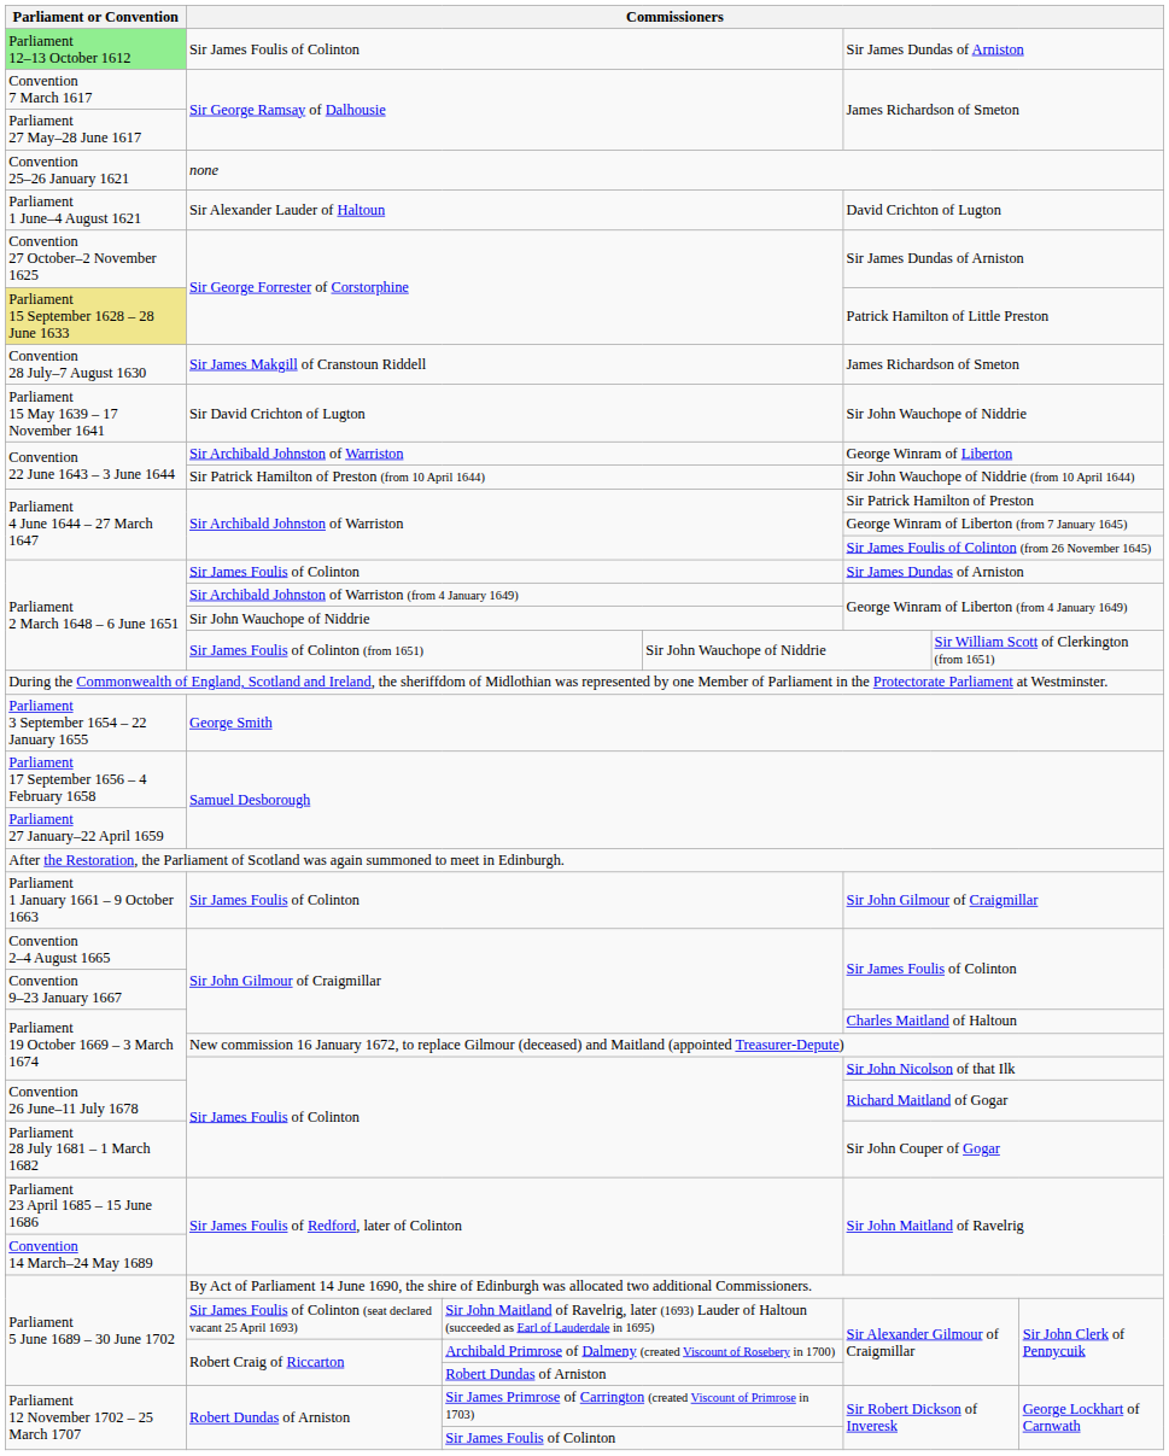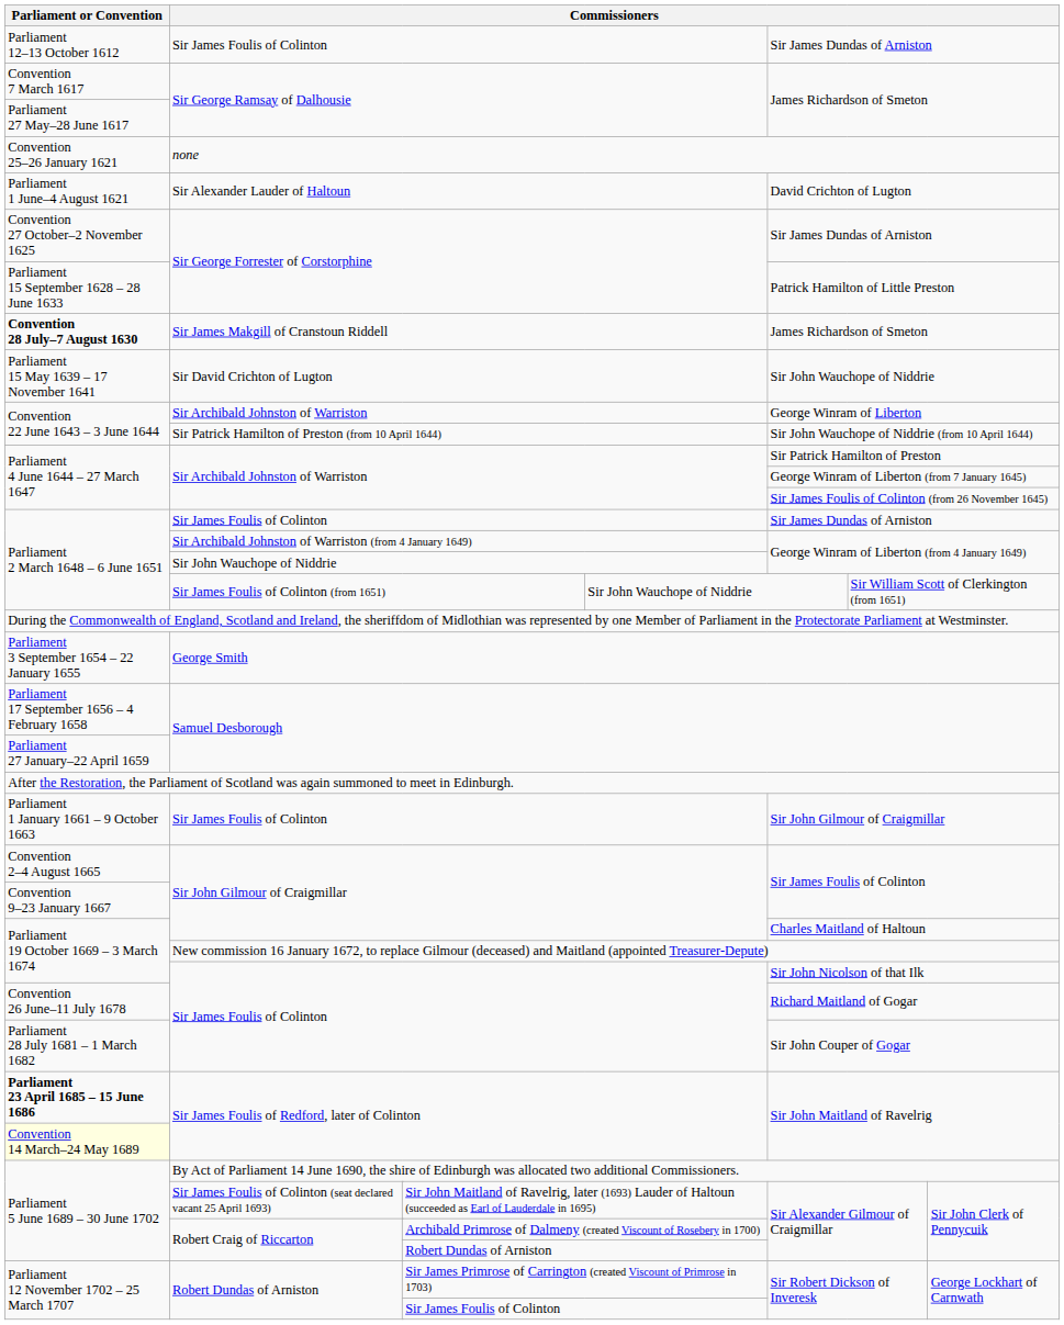 <table class="wikitable">
 <tr>
 <th>Parliament or Convention</th>
 <th colspan=12>Commissioners</th>
 </tr>
 <tr>
-<td style="background: lightgreen;">Parliament<br>12–13 October 1612</td>
+<td>Parliament<br>12–13 October 1612</td>
 <td colspan=6>Sir James Foulis of Colinton</td>
 <td colspan=6>Sir James Dundas of <a href='#'>Arniston</a></td>
 </tr>
 <tr>
 <td>Convention<br>7 March 1617</td>
 <td colspan=6 rowspan=2><a href='#'>Sir George Ramsay</a> of <a href='#'>Dalhousie</a></td>
 <td colspan=6 rowspan=2>James Richardson of Smeton</td>
 </tr>
 <tr>
 <td>Parliament<br>27 May–28 June 1617</td>
 </tr>
 <tr>
 <td>Convention<br>25–26 January 1621</td>
 <td colspan=12><em>none</em></td>
 </tr>
 <tr>
 <td>Parliament<br>1 June–4 August 1621</td>
 <td colspan=6>Sir Alexander Lauder of <a href='#'>Haltoun</a></td>
 <td colspan=6>David Crichton of Lugton</td>
 </tr>
 <tr>
 <td>Convention<br>27 October–2 November 1625</td>
 <td colspan=6 rowspan=2><a href='#'>Sir George Forrester</a> of <a href='#'>Corstorphine</a></td>
 <td colspan=6>Sir James Dundas of Arniston</td>
 </tr>
 <tr>
-<td style="background: khaki;">Parliament<br>15 September 1628 – 28 June 1633</td>
+<td>Parliament<br>15 September 1628 – 28 June 1633</td>
 <td colspan=6>Patrick Hamilton of Little Preston</td>
 </tr>
 <tr>
-<td>Convention<br>28 July–7 August 1630</td>
+<td><strong>Convention<br>28 July–7 August 1630</strong></td>
 <td colspan=6><a href='#'>Sir James Makgill</a> of Cranstoun Riddell</td>
 <td colspan=6>James Richardson of Smeton</td>
 </tr>
 <tr>
 <td>Parliament<br>15 May 1639 – 17 November 1641</td>
 <td colspan=6>Sir David Crichton of Lugton</td>
 <td colspan=6>Sir John Wauchope of Niddrie</td>
 </tr>
 <tr>
 <td rowspan=2>Convention<br>22 June 1643 – 3 June 1644</td>
 <td colspan=6><a href='#'>Sir Archibald Johnston</a> of <a href='#'>Warriston</a></td>
 <td colspan=6>George Winram of <a href='#'>Liberton</a></td>
 </tr>
 <tr>
 <td colspan=6>Sir Patrick Hamilton of Preston <small>(from 10 April 1644)</small></td>
 <td colspan=6>Sir John Wauchope of Niddrie <small>(from 10 April 1644)</small></td>
 </tr>
 <tr>
 <td rowspan=3>Parliament<br>4 June 1644 – 27 March 1647</td>
 <td colspan=6 rowspan=3><a href='#'>Sir Archibald Johnston</a> of Warriston</td>
 <td colspan=6>Sir Patrick Hamilton of Preston</td>
 </tr>
 <tr>
 <td colspan=6>George Winram of Liberton <small>(from 7 January 1645)</small></td>
 </tr>
 <tr>
 <td colspan=6><a href='#'>Sir James Foulis of Colinton</a> <small>(from 26 November 1645)</small></td>
 </tr>
 <tr>
 <td rowspan=4>Parliament<br>2 March 1648 – 6 June 1651</td>
 <td colspan=6><a href='#'>Sir James Foulis</a> of Colinton</td>
 <td colspan=6><a href='#'>Sir James Dundas</a> of Arniston</td>
 </tr>
 <tr>
 <td colspan=6><a href='#'>Sir Archibald Johnston</a> of Warriston <small>(from 4 January 1649)</small></td>
 <td colspan=6 rowspan=2>George Winram of Liberton <small>(from 4 January 1649)</small></td>
 </tr>
 <tr>
 <td colspan=6>Sir John Wauchope of Niddrie</td>
 </tr>
 <tr>
 <td colspan=4><a href='#'>Sir James Foulis</a> of Colinton <small>(from 1651)</small></td>
 <td colspan=4>Sir John Wauchope of Niddrie</td>
 <td colspan=4><a href='#'>Sir William Scott</a> of Clerkington <small>(from 1651)</small></td>
 </tr>
 <tr>
 <td colspan=13>During the <a href='#'>Commonwealth of England, Scotland and Ireland</a>, the sheriffdom of Midlothian was represented by one Member of Parliament in the <a href='#'>Protectorate Parliament</a> at Westminster.</td>
 </tr>
 <tr>
 <td><a href='#'>Parliament</a><br>3 September 1654 – 22 January 1655</td>
 <td colspan=12><a href='#'>George Smith</a></td>
 </tr>
 <tr>
 <td><a href='#'>Parliament</a><br>17 September 1656 – 4 February 1658</td>
 <td colspan=12 rowspan=2><a href='#'>Samuel Desborough</a></td>
 </tr>
 <tr>
 <td><a href='#'>Parliament</a><br>27 January–22 April 1659</td>
 </tr>
 <tr>
 <td colspan=13>After <a href='#'>the Restoration</a>, the Parliament of Scotland was again summoned to meet in Edinburgh.</td>
 </tr>
 <tr>
 <td>Parliament<br>1 January 1661 – 9 October 1663</td>
 <td colspan=6><a href='#'>Sir James Foulis</a> of Colinton</td>
 <td colspan=6><a href='#'>Sir John Gilmour</a> of <a href='#'>Craigmillar</a></td>
 </tr>
 <tr>
 <td>Convention<br>2–4 August 1665</td>
 <td colspan=6 rowspan=3><a href='#'>Sir John Gilmour</a> of Craigmillar</td>
 <td colspan=6 rowspan=2><a href='#'>Sir James Foulis</a> of Colinton</td>
 </tr>
 <tr>
 <td>Convention<br>9–23 January 1667</td>
 </tr>
 <tr>
 <td rowspan=3>Parliament<br>19 October 1669 – 3 March 1674</td>
 <td colspan=6><a href='#'>Charles Maitland</a> of Haltoun</td>
 </tr>
 <tr>
 <td colspan=12>New commission 16 January 1672, to replace Gilmour (deceased) and Maitland (appointed <a href='#'>Treasurer-Depute</a>)</td>
 </tr>
 <tr>
 <td colspan=6 rowspan=3><a href='#'>Sir James Foulis</a> of Colinton</td>
 <td colspan=6><a href='#'>Sir John Nicolson</a> of that Ilk</td>
 </tr>
 <tr>
 <td>Convention<br>26 June–11 July 1678</td>
 <td colspan=6><a href='#'>Richard Maitland</a> of Gogar</td>
 </tr>
 <tr>
 <td>Parliament<br>28 July 1681 – 1 March 1682</td>
 <td colspan=6>Sir John Couper of <a href='#'>Gogar</a></td>
 </tr>
 <tr>
-<td>Parliament<br>23 April 1685 – 15 June 1686</td>
+<td><strong>Parliament<br>23 April 1685 – 15 June 1686</strong></td>
 <td colspan=6 rowspan=3><a href='#'>Sir James Foulis</a> of <a href='#'>Redford</a>, later of Colinton</td>
 <td colspan=6 rowspan=3><a href='#'>Sir John Maitland</a> of Ravelrig</td>
 </tr>
 <tr>
-<td><a href='#'>Convention</a><br>14 March–24 May 1689</td>
+<td style="background: lightyellow;"><a href='#'>Convention</a><br>14 March–24 May 1689</td>
 </tr>
 <tr>
 <td rowspan=6>Parliament<br>5 June 1689 – 30 June 1702</td>
 </tr>
 <tr>
 <td colspan=12>By Act of Parliament 14 June 1690, the shire of Edinburgh was allocated two additional Commissioners.</td>
 </tr>
 <tr>
 <td colspan=3><a href='#'>Sir James Foulis</a> of Colinton <small>(seat declared vacant 25 April 1693)</small></td>
 <td colspan=3 rowspan=2><a href='#'>Sir John Maitland</a> of Ravelrig, later <small>(1693)</small> Lauder of Haltoun <small>(succeeded as <a href='#'>Earl of Lauderdale</a> in 1695)</small></td>
 <td rowspan=4 colspan=3><a href='#'>Sir Alexander Gilmour</a> of Craigmillar</td>
 <td rowspan=4 colspan=3><a href='#'>Sir John Clerk</a> of <a href='#'>Pennycuik</a></td>
 </tr>
 <tr>
 <td rowspan=3 colspan=3>Robert Craig of <a href='#'>Riccarton</a></td>
 </tr>
 <tr>
 <td colspan=3><a href='#'>Archibald Primrose</a> of <a href='#'>Dalmeny</a> <small>(created <a href='#'>Viscount of Rosebery</a> in 1700)</small></td>
 </tr>
 <tr>
 <td colspan=3><a href='#'>Robert Dundas</a> of Arniston</td>
 </tr>
 <tr>
 <td rowspan=2>Parliament<br>12 November 1702 – 25 March 1707</td>
 <td rowspan=2 colspan=3><a href='#'>Robert Dundas</a> of Arniston</td>
 <td colspan=3><a href='#'>Sir James Primrose</a> of <a href='#'>Carrington</a> <small>(created <a href='#'>Viscount of Primrose</a> in 1703)</small></td>
 <td rowspan=2 colspan=3><a href='#'>Sir Robert Dickson</a> of <a href='#'>Inveresk</a></td>
 <td rowspan=2 colspan=3><a href='#'>George Lockhart</a> of <a href='#'>Carnwath</a></td>
 </tr>
 <tr>
 <td colspan=3><a href='#'>Sir James Foulis</a> of Colinton</td>
 </tr>
 </table>
